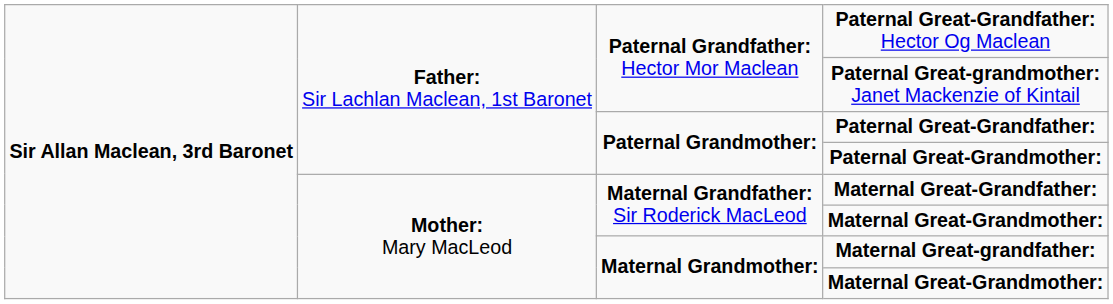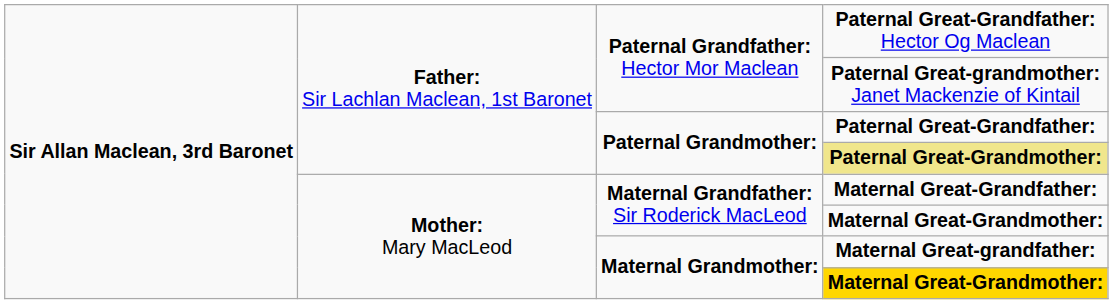 <table class="wikitable" style="margin:1em auto;">
 <tr style="text-align:center;">
 <td rowspan="8"><strong>Sir Allan Maclean, 3rd Baronet</strong></td>
 <td rowspan="4"><strong>Father:</strong><br><a href='#'>Sir Lachlan Maclean, 1st Baronet</a></td>
 <td rowspan="2"><strong>Paternal Grandfather:</strong><br><a href='#'>Hector Mor Maclean</a></td>
 <td><strong>Paternal Great-Grandfather:</strong><br><a href='#'>Hector Og Maclean</a></td>
 </tr>
 <tr>
 <td style="text-align:center;"><strong>Paternal Great-grandmother:</strong><br><a href='#'>Janet Mackenzie of Kintail</a></td>
 </tr>
 <tr style="text-align:center;">
 <td rowspan="2"><strong>Paternal Grandmother:</strong><br></td>
 <td><strong>Paternal Great-Grandfather:</strong><br></td>
 </tr>
 <tr>
-<td style="text-align:center;"><strong>Paternal Great-Grandmother:</strong><br></td>
+<td style="background: khaki; text-align:center;"><strong>Paternal Great-Grandmother:</strong><br></td>
 </tr>
 <tr style="text-align:center;">
 <td rowspan="4"><strong>Mother:</strong><br>Mary MacLeod</td>
 <td rowspan="2"><strong>Maternal Grandfather:</strong><br><a href='#'>Sir Roderick MacLeod</a></td>
 <td><strong>Maternal Great-Grandfather:</strong><br></td>
 </tr>
 <tr>
 <td style="text-align:center;"><strong>Maternal Great-Grandmother:</strong><br></td>
 </tr>
 <tr style="text-align:center;">
 <td rowspan="2"><strong>Maternal Grandmother:</strong><br></td>
 <td><strong>Maternal Great-grandfather:</strong><br></td>
 </tr>
 <tr>
-<td style="text-align:center;"><strong>Maternal Great-Grandmother:</strong><br></td>
+<td style="background: gold; text-align:center;"><strong>Maternal Great-Grandmother:</strong><br></td>
 </tr>
 </table>
